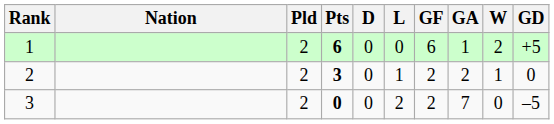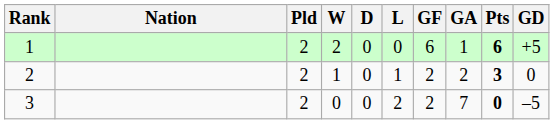 <table class="wikitable" style="text-align: center;">
 <tr>
 <th width=5>Rank</th>
 <th width=200>Nation</th>
 <th width=20>Pld</th>
-<th width=20>Pts</th>
+<th width=20>W</th>
 <th width=20>D</th>
 <th width=20>L</th>
 <th width=20>GF</th>
 <th width=20>GA</th>
-<th width=20>W</th>
+<th width=20>Pts</th>
 <th width=20>GD</th>
 </tr>
 <tr style="background:#ccffcc">
 <td>1</td>
 <td align=left></td>
 <td>2</td>
-<td><strong>6</strong></td>
+<td>2</td>
 <td>0</td>
 <td>0</td>
 <td>6</td>
 <td>1</td>
-<td>2</td>
+<td><strong>6</strong></td>
 <td>+5</td>
 </tr>
 <tr>
 <td>2</td>
 <td align=left></td>
 <td>2</td>
-<td><strong>3</strong></td>
+<td>1</td>
 <td>0</td>
 <td>1</td>
 <td>2</td>
 <td>2</td>
-<td>1</td>
+<td><strong>3</strong></td>
 <td>0</td>
 </tr>
 <tr>
 <td>3</td>
 <td align=left></td>
 <td>2</td>
-<td><strong>0</strong></td>
+<td>0</td>
 <td>0</td>
 <td>2</td>
 <td>2</td>
 <td>7</td>
-<td>0</td>
+<td><strong>0</strong></td>
 <td>–5</td>
 </tr>
 </table>
